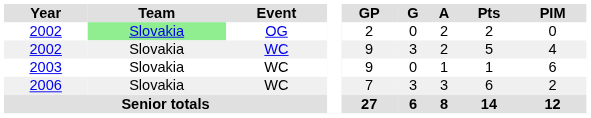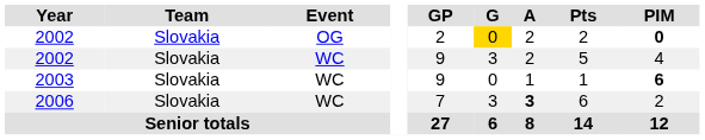 <table border="0" cellpadding="1" cellspacing="0" style="text-align:center; width:40em">
 <tr ALIGN="center" bgcolor="#e0e0e0">
 <th>Year</th>
 <th>Team</th>
 <th>Event</th>
 <th rowspan="99" bgcolor="#ffffff"> </th>
 <th>GP</th>
 <th>G</th>
 <th>A</th>
 <th>Pts</th>
 <th>PIM</th>
 </tr>
 <tr>
 <td><a href='#'>2002</a></td>
-<td style="background: lightgreen;"><a href='#'>Slovakia</a></td>
+<td><a href='#'>Slovakia</a></td>
 <td><a href='#'>OG</a></td>
 <td>2</td>
-<td>0</td>
+<td style="background: gold;">0</td>
 <td>2</td>
 <td>2</td>
-<td>0</td>
+<td><strong>0</strong></td>
 </tr>
 <tr bgcolor="#f0f0f0">
 <td><a href='#'>2002</a></td>
 <td>Slovakia</td>
 <td><a href='#'>WC</a></td>
 <td>9</td>
 <td>3</td>
 <td>2</td>
 <td>5</td>
 <td>4</td>
 </tr>
 <tr>
 <td><a href='#'>2003</a></td>
 <td>Slovakia</td>
 <td>WC</td>
 <td>9</td>
 <td>0</td>
 <td>1</td>
 <td>1</td>
-<td>6</td>
+<td><strong>6</strong></td>
 </tr>
 <tr bgcolor="#f0f0f0">
 <td><a href='#'>2006</a></td>
 <td>Slovakia</td>
 <td>WC</td>
 <td>7</td>
 <td>3</td>
-<td>3</td>
+<td><strong>3</strong></td>
 <td>6</td>
 <td>2</td>
 </tr>
 <tr bgcolor="#e0e0e0">
 <th colspan=3>Senior totals</th>
 <th>27</th>
 <th>6</th>
 <th>8</th>
 <th>14</th>
 <th>12</th>
 </tr>
 </table>
